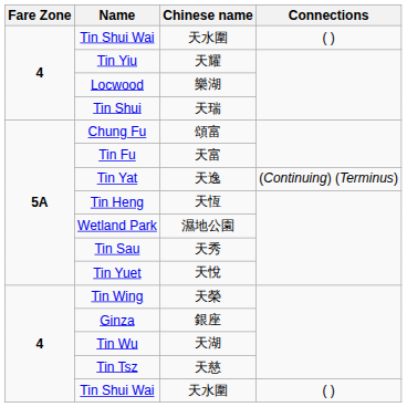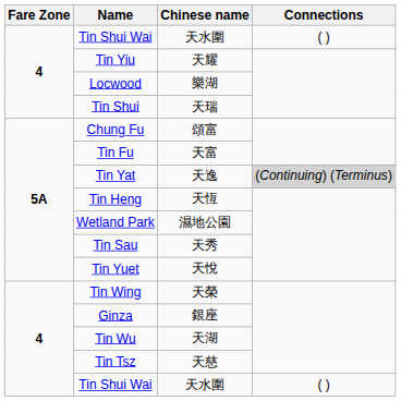 <table class="wikitable sortable" style="text-align: center;">
 <tr>
 <th>Fare Zone</th>
 <th data-sort-type="text">Name</th>
 <th>Chinese name</th>
 <th>Connections</th>
 </tr>
 <tr>
 <td rowspan='4'><strong>4</strong></td>
 <td><a href='#'>Tin Shui Wai</a></td>
 <td>天水圍</td>
 <td>   ( )</td>
 </tr>
 <tr>
 <td><a href='#'>Tin Yiu</a></td>
 <td>天耀</td>
 <td rowspan='3'> </td>
 </tr>
 <tr>
 <td><a href='#'>Locwood</a></td>
 <td>樂湖</td>
 </tr>
 <tr>
 <td><a href='#'>Tin Shui</a></td>
 <td>天瑞</td>
 </tr>
 <tr>
 <td rowspan='7'><strong>5A</strong></td>
 <td><a href='#'>Chung Fu</a></td>
 <td>頌富</td>
 <td rowspan='2'>  </td>
 </tr>
 <tr>
 <td><a href='#'>Tin Fu</a></td>
 <td>天富</td>
 </tr>
 <tr>
 <td><a href='#'>Tin Yat</a></td>
 <td>天逸</td>
-<td> (<em>Continuing</em>)   (<em>Terminus</em>)</td>
+<td style="background: lightgrey;"> (<em>Continuing</em>)   (<em>Terminus</em>)</td>
 </tr>
 <tr>
 <td><a href='#'>Tin Heng</a></td>
 <td>天恆</td>
 <td rowspan='4'></td>
 </tr>
 <tr>
 <td><a href='#'>Wetland Park</a></td>
 <td>濕地公園</td>
 </tr>
 <tr>
 <td><a href='#'>Tin Sau</a></td>
 <td>天秀</td>
 </tr>
 <tr>
 <td><a href='#'>Tin Yuet</a></td>
 <td>天悅</td>
 </tr>
 <tr>
 <td rowspan='5'><strong>4</strong></td>
 <td><a href='#'>Tin Wing</a></td>
 <td>天榮</td>
 <td rowspan='4'> </td>
 </tr>
 <tr>
 <td><a href='#'>Ginza</a></td>
 <td>銀座</td>
 </tr>
 <tr>
 <td><a href='#'>Tin Wu</a></td>
 <td>天湖</td>
 </tr>
 <tr>
 <td><a href='#'>Tin Tsz</a></td>
 <td>天慈</td>
 </tr>
 <tr>
 <td><a href='#'>Tin Shui Wai</a></td>
 <td>天水圍</td>
 <td rowspan='1'>   ( )</td>
 </tr>
 </table>
